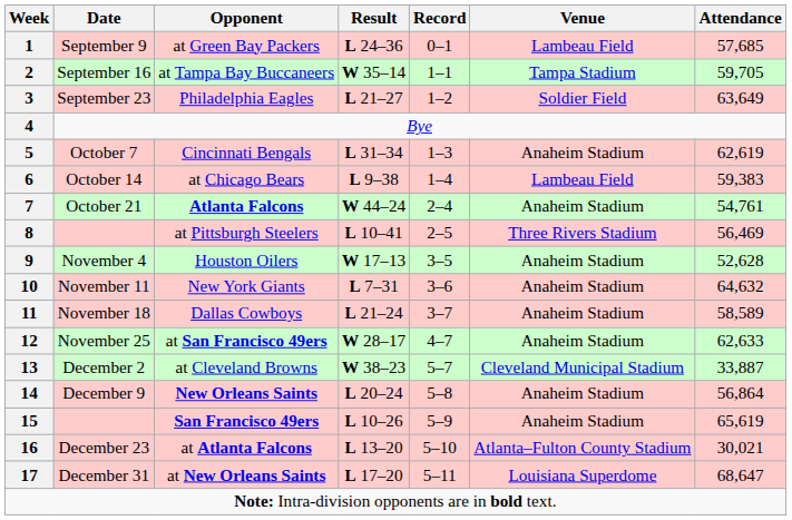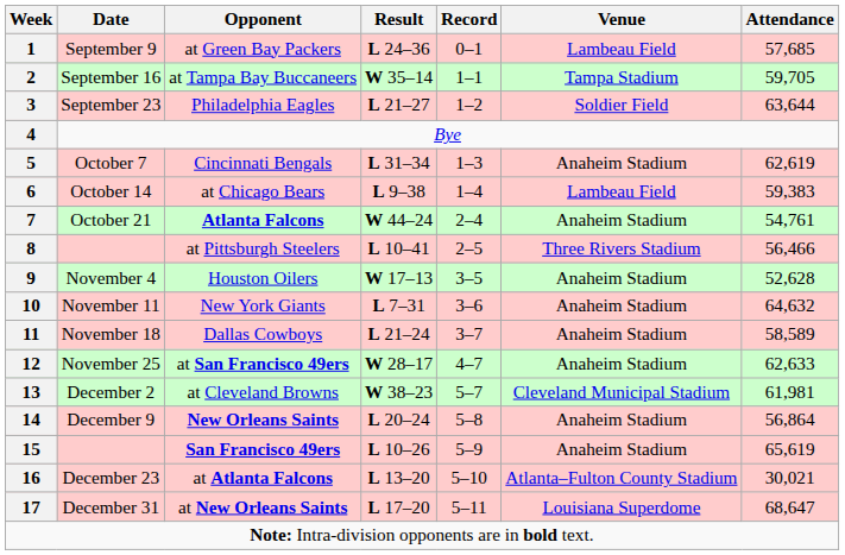 <table class="wikitable" style="text-align:center">
 <tr>
 <th>Week</th>
 <th>Date</th>
 <th>Opponent</th>
 <th>Result</th>
 <th>Record</th>
 <th>Venue</th>
 <th>Attendance</th>
 </tr>
 <tr style="background:#fcc">
 <th>1</th>
 <td>September 9</td>
 <td>at <a href='#'>Green Bay Packers</a></td>
 <td><strong>L</strong> 24–36</td>
 <td>0–1</td>
 <td><a href='#'>Lambeau Field</a></td>
 <td>57,685</td>
 </tr>
 <tr style="background:#cfc">
 <th>2</th>
 <td>September 16</td>
 <td>at <a href='#'>Tampa Bay Buccaneers</a></td>
 <td><strong>W</strong> 35–14</td>
 <td>1–1</td>
 <td><a href='#'>Tampa Stadium</a></td>
 <td>59,705</td>
 </tr>
 <tr style="background:#fcc">
 <th>3</th>
 <td>September 23</td>
 <td><a href='#'>Philadelphia Eagles</a></td>
 <td><strong>L</strong> 21–27</td>
 <td>1–2</td>
 <td><a href='#'>Soldier Field</a></td>
-<td>63,649</td>
+<td>63,644</td>
 </tr>
 <tr align="center">
 <th>4</th>
 <td colspan="6"><em><a href='#'>Bye</a></em></td>
 </tr>
 <tr style="background:#fcc">
 <th>5</th>
 <td>October 7</td>
 <td><a href='#'>Cincinnati Bengals</a></td>
 <td><strong>L</strong> 31–34</td>
 <td>1–3</td>
 <td>Anaheim Stadium</td>
 <td>62,619</td>
 </tr>
 <tr style="background:#fcc">
 <th>6</th>
 <td>October 14</td>
 <td>at <a href='#'>Chicago Bears</a></td>
 <td><strong>L</strong> 9–38</td>
 <td>1–4</td>
 <td><a href='#'>Lambeau Field</a></td>
 <td>59,383</td>
 </tr>
 <tr style="background:#cfc">
 <th>7</th>
 <td>October 21</td>
 <td><strong><a href='#'>Atlanta Falcons</a></strong></td>
 <td><strong>W</strong> 44–24</td>
 <td>2–4</td>
 <td>Anaheim Stadium</td>
 <td>54,761</td>
 </tr>
 <tr style="background:#fcc">
 <th>8</th>
 <td></td>
 <td>at <a href='#'>Pittsburgh Steelers</a></td>
 <td><strong>L</strong> 10–41</td>
 <td>2–5</td>
 <td><a href='#'>Three Rivers Stadium</a></td>
-<td>56,469</td>
+<td>56,466</td>
 </tr>
 <tr style="background:#cfc">
 <th>9</th>
 <td>November 4</td>
 <td><a href='#'>Houston Oilers</a></td>
 <td><strong>W</strong> 17–13</td>
 <td>3–5</td>
 <td>Anaheim Stadium</td>
 <td>52,628</td>
 </tr>
 <tr style="background:#fcc">
 <th>10</th>
 <td>November 11</td>
 <td><a href='#'>New York Giants</a></td>
 <td><strong>L</strong> 7–31</td>
 <td>3–6</td>
 <td>Anaheim Stadium</td>
 <td>64,632</td>
 </tr>
 <tr style="background:#fcc">
 <th>11</th>
 <td>November 18</td>
 <td><a href='#'>Dallas Cowboys</a></td>
 <td><strong>L</strong> 21–24</td>
 <td>3–7</td>
 <td>Anaheim Stadium</td>
 <td>58,589</td>
 </tr>
 <tr style="background:#cfc">
 <th>12</th>
 <td>November 25</td>
 <td>at <strong><a href='#'>San Francisco 49ers</a></strong></td>
 <td><strong>W</strong> 28–17</td>
 <td>4–7</td>
 <td>Anaheim Stadium</td>
 <td>62,633</td>
 </tr>
 <tr style="background:#cfc">
 <th>13</th>
 <td>December 2</td>
 <td>at <a href='#'>Cleveland Browns</a></td>
 <td><strong>W</strong> 38–23</td>
 <td>5–7</td>
 <td><a href='#'>Cleveland Municipal Stadium</a></td>
-<td>33,887</td>
+<td>61,981</td>
 </tr>
 <tr style="background:#fcc">
 <th>14</th>
 <td>December 9</td>
 <td><strong><a href='#'>New Orleans Saints</a></strong></td>
 <td><strong>L</strong> 20–24</td>
 <td>5–8</td>
 <td>Anaheim Stadium</td>
 <td>56,864</td>
 </tr>
 <tr style="background:#fcc">
 <th>15</th>
 <td></td>
 <td><strong><a href='#'>San Francisco 49ers</a></strong></td>
 <td><strong>L</strong> 10–26</td>
 <td>5–9</td>
 <td>Anaheim Stadium</td>
 <td>65,619</td>
 </tr>
 <tr style="background:#fcc">
 <th>16</th>
 <td>December 23</td>
 <td>at <strong><a href='#'>Atlanta Falcons</a></strong></td>
 <td><strong>L</strong> 13–20</td>
 <td>5–10</td>
 <td><a href='#'>Atlanta–Fulton County Stadium</a></td>
 <td>30,021</td>
 </tr>
 <tr style="background:#fcc">
 <th>17</th>
 <td>December 31</td>
 <td>at <strong><a href='#'>New Orleans Saints</a></strong></td>
 <td><strong>L</strong> 17–20</td>
 <td>5–11</td>
 <td><a href='#'>Louisiana Superdome</a></td>
 <td>68,647</td>
 </tr>
 <tr>
 <td colspan="8"><strong>Note:</strong> Intra-division opponents are in <strong>bold</strong> text.</td>
 </tr>
 </table>
